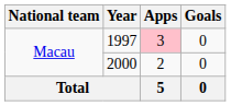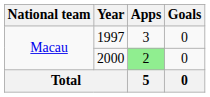 <table class="wikitable" style="text-align:center">
 <tr>
 <th>National team</th>
 <th>Year</th>
 <th>Apps</th>
 <th>Goals</th>
 </tr>
 <tr>
 <td rowspan="2"><a href='#'>Macau</a></td>
 <td>1997</td>
-<td style="background: pink;">3</td>
+<td>3</td>
 <td>0</td>
 </tr>
 <tr>
 <td>2000</td>
-<td>2</td>
+<td style="background: lightgreen;">2</td>
 <td>0</td>
 </tr>
 <tr>
 <th colspan=2>Total</th>
 <th>5</th>
 <th>0</th>
 </tr>
 </table>
